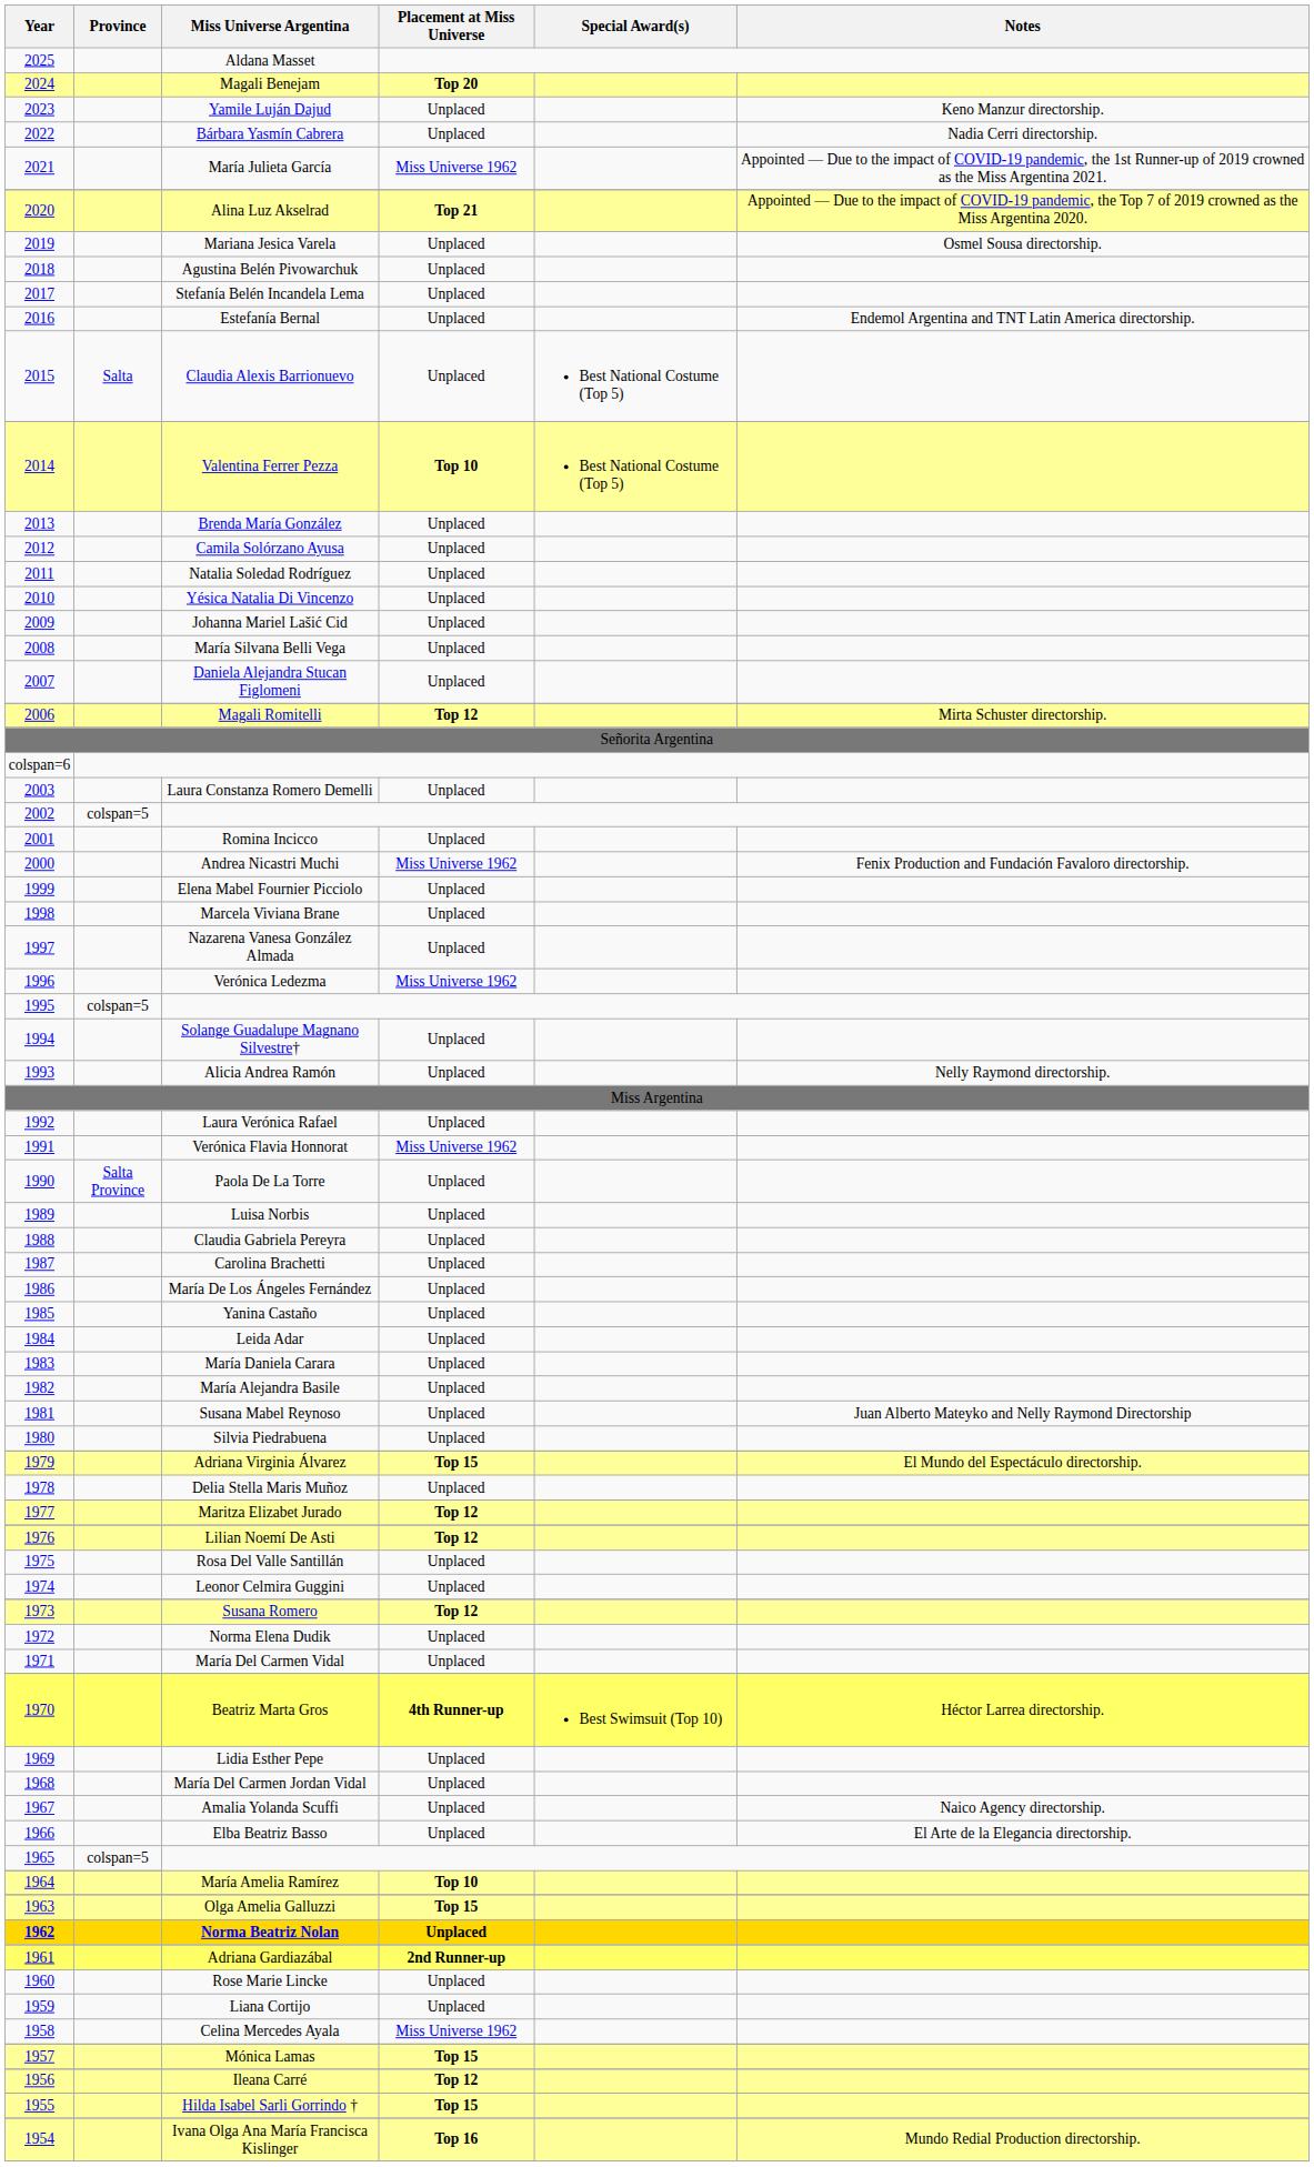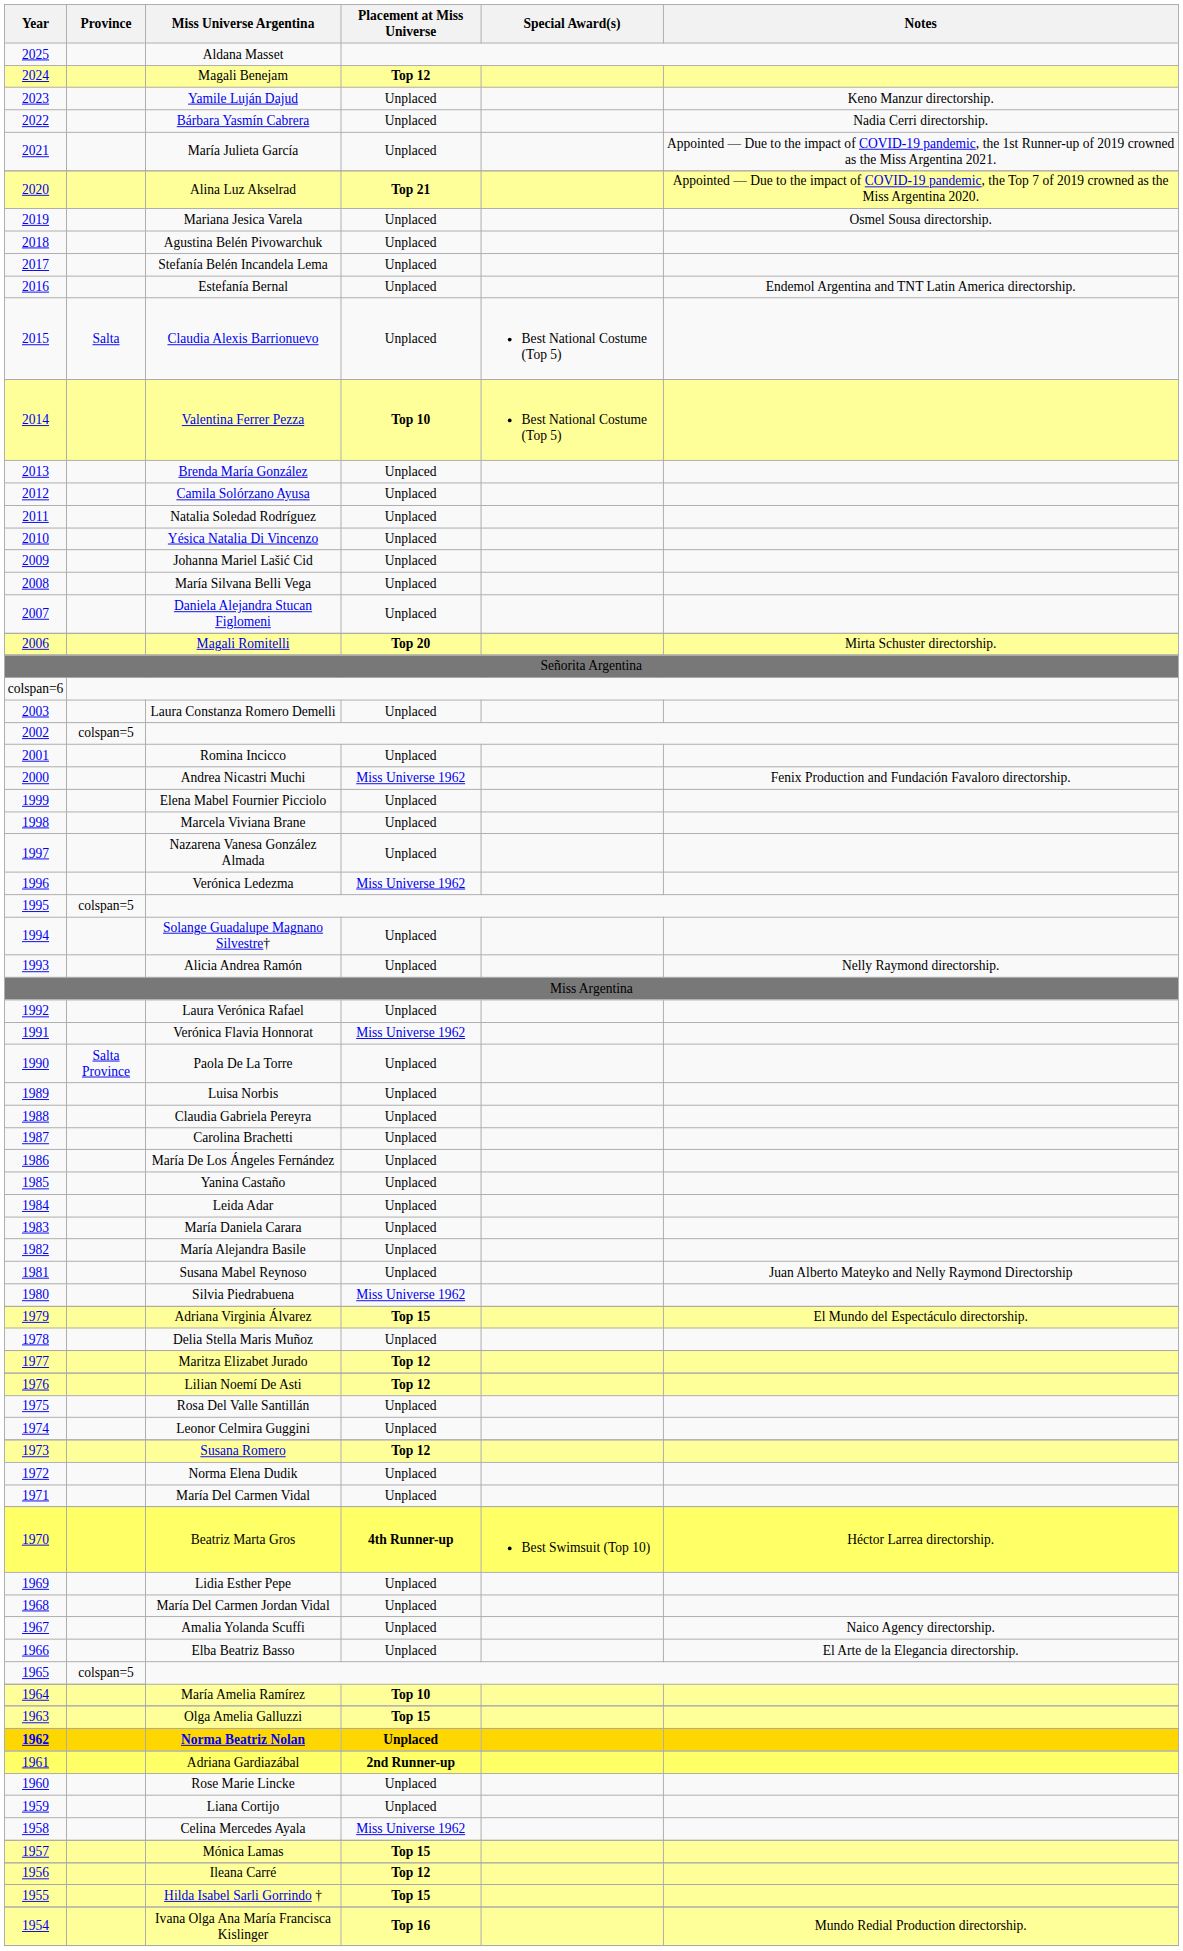 <table class="wikitable " style="font-size: 90%; text-align:center;">
 <tr>
 <th>Year</th>
 <th>Province</th>
 <th>Miss Universe Argentina</th>
 <th>Placement at Miss Universe</th>
 <th>Special Award(s)</th>
 <th>Notes</th>
 </tr>
 <tr>
 <td><a href='#'>2025</a></td>
 <td></td>
 <td>Aldana Masset</td>
 <td colspan=3></td>
 </tr>
 <tr style="background-color:#FFFF99; ">
 <td><a href='#'>2024</a></td>
 <td></td>
 <td>Magali Benejam</td>
-<td><strong>Top 20</strong></td>
+<td><strong>Top 12</strong></td>
 <td></td>
 <td></td>
 </tr>
 <tr>
 <td><a href='#'>2023</a></td>
 <td></td>
 <td><a href='#'>Yamile Luján Dajud</a></td>
 <td>Unplaced</td>
 <td></td>
 <td>Keno Manzur directorship.</td>
 </tr>
 <tr>
 <td><a href='#'>2022</a></td>
 <td></td>
 <td><a href='#'>Bárbara Yasmín Cabrera</a></td>
 <td>Unplaced</td>
 <td></td>
 <td>Nadia Cerri directorship.</td>
 </tr>
 <tr>
 <td><a href='#'>2021</a></td>
 <td></td>
 <td>María Julieta García</td>
-<td><a href='#'>Miss Universe 1962</a></td>
+<td>Unplaced</td>
 <td></td>
 <td>Appointed — Due to the impact of <a href='#'>COVID-19 pandemic</a>, the 1st Runner-up of 2019 crowned as the Miss Argentina 2021.</td>
 </tr>
 <tr>
 </tr>
 <tr style="background-color:#FFFF99; ">
 <td><a href='#'>2020</a></td>
 <td></td>
 <td>Alina Luz Akselrad</td>
 <td><strong>Top 21</strong></td>
 <td></td>
 <td>Appointed — Due to the impact of <a href='#'>COVID-19 pandemic</a>, the Top 7 of 2019 crowned as the Miss Argentina 2020.</td>
 </tr>
 <tr>
 <td><a href='#'>2019</a></td>
 <td></td>
 <td>Mariana Jesica Varela</td>
 <td>Unplaced</td>
 <td></td>
 <td>Osmel Sousa directorship.</td>
 </tr>
 <tr>
 <td><a href='#'>2018</a></td>
 <td></td>
 <td>Agustina Belén Pivowarchuk</td>
 <td>Unplaced</td>
 <td></td>
 <td></td>
 </tr>
 <tr>
 <td><a href='#'>2017</a></td>
 <td></td>
 <td>Stefanía Belén  Incandela Lema</td>
 <td>Unplaced</td>
 <td></td>
 <td></td>
 </tr>
 <tr>
 <td><a href='#'>2016</a></td>
 <td></td>
 <td>Estefanía Bernal</td>
 <td>Unplaced</td>
 <td></td>
 <td>Endemol Argentina and TNT Latin America directorship.</td>
 </tr>
 <tr>
 <td><a href='#'>2015</a></td>
 <td> <a href='#'>Salta</a></td>
 <td><a href='#'>Claudia Alexis Barrionuevo</a></td>
 <td>Unplaced</td>
 <td align="left"><br><ul><li>Best National Costume (Top 5)</li></ul></td>
 <td></td>
 </tr>
 <tr>
 </tr>
 <tr style="background-color:#FFFF99; ">
 <td><a href='#'>2014</a></td>
 <td></td>
 <td><a href='#'>Valentina Ferrer Pezza</a></td>
 <td><strong>Top 10</strong></td>
 <td align="left"><br><ul><li>Best National Costume (Top 5)</li></ul></td>
 <td></td>
 </tr>
 <tr>
 <td><a href='#'>2013</a></td>
 <td></td>
 <td><a href='#'>Brenda María González</a></td>
 <td>Unplaced</td>
 <td></td>
 <td></td>
 </tr>
 <tr>
 <td><a href='#'>2012</a></td>
 <td></td>
 <td><a href='#'>Camila Solórzano Ayusa</a></td>
 <td>Unplaced</td>
 <td></td>
 <td></td>
 </tr>
 <tr>
 <td><a href='#'>2011</a></td>
 <td></td>
 <td>Natalia Soledad Rodríguez</td>
 <td>Unplaced</td>
 <td></td>
 <td></td>
 </tr>
 <tr>
 <td><a href='#'>2010</a></td>
 <td></td>
 <td><a href='#'>Yésica Natalia Di Vincenzo</a></td>
 <td>Unplaced</td>
 <td></td>
 <td></td>
 </tr>
 <tr>
 <td><a href='#'>2009</a></td>
 <td></td>
 <td>Johanna Mariel Lašić Cid</td>
 <td>Unplaced</td>
 <td></td>
 <td></td>
 </tr>
 <tr>
 <td><a href='#'>2008</a></td>
 <td></td>
 <td>María Silvana Belli Vega</td>
 <td>Unplaced</td>
 <td></td>
 <td></td>
 </tr>
 <tr>
 <td><a href='#'>2007</a></td>
 <td></td>
 <td><a href='#'>Daniela Alejandra Stucan Figlomeni</a></td>
 <td>Unplaced</td>
 <td></td>
 <td></td>
 </tr>
 <tr>
 </tr>
 <tr style="background-color:#FFFF99; ">
 <td><a href='#'>2006</a></td>
 <td></td>
 <td><a href='#'>Magali Romitelli</a></td>
-<td><strong>Top 12</strong></td>
+<td><strong>Top 20</strong></td>
 <td></td>
 <td>Mirta Schuster directorship.</td>
 </tr>
 <tr>
 </tr>
 <tr bgcolor="#787878" align="center">
 <td colspan="6"><span>Señorita Argentina</span></td>
 </tr>
 <tr>
 <td>colspan=6 </td>
 </tr>
 <tr>
 <td><a href='#'>2003</a></td>
 <td></td>
 <td>Laura Constanza Romero Demelli</td>
 <td>Unplaced</td>
 <td></td>
 <td></td>
 </tr>
 <tr>
 <td><a href='#'>2002</a></td>
 <td>colspan=5 </td>
 </tr>
 <tr>
 <td><a href='#'>2001</a></td>
 <td></td>
 <td>Romina Incicco</td>
 <td>Unplaced</td>
 <td></td>
 <td></td>
 </tr>
 <tr>
 <td><a href='#'>2000</a></td>
 <td></td>
 <td>Andrea Nicastri Muchi</td>
 <td><a href='#'>Miss Universe 1962</a></td>
 <td></td>
 <td>Fenix Production and Fundación Favaloro directorship.</td>
 </tr>
 <tr>
 <td><a href='#'>1999</a></td>
 <td></td>
 <td>Elena Mabel Fournier Picciolo</td>
 <td>Unplaced</td>
 <td></td>
 <td></td>
 </tr>
 <tr>
 <td><a href='#'>1998</a></td>
 <td></td>
 <td>Marcela Viviana Brane</td>
 <td>Unplaced</td>
 <td></td>
 <td></td>
 </tr>
 <tr>
 <td><a href='#'>1997</a></td>
 <td></td>
 <td>Nazarena Vanesa González Almada</td>
 <td>Unplaced</td>
 <td></td>
 <td></td>
 </tr>
 <tr>
 <td><a href='#'>1996</a></td>
 <td></td>
 <td>Verónica Ledezma</td>
 <td><a href='#'>Miss Universe 1962</a></td>
 <td></td>
 <td></td>
 </tr>
 <tr>
 <td><a href='#'>1995</a></td>
 <td>colspan=5 </td>
 </tr>
 <tr>
 <td><a href='#'>1994</a></td>
 <td></td>
 <td><a href='#'>Solange Guadalupe Magnano Silvestre</a>†</td>
 <td>Unplaced</td>
 <td></td>
 <td></td>
 </tr>
 <tr>
 <td><a href='#'>1993</a></td>
 <td></td>
 <td>Alicia Andrea Ramón</td>
 <td>Unplaced</td>
 <td></td>
 <td>Nelly Raymond directorship.</td>
 </tr>
 <tr>
 </tr>
 <tr bgcolor="#787878" align="center">
 <td colspan="6"><span>Miss Argentina</span></td>
 </tr>
 <tr>
 <td><a href='#'>1992</a></td>
 <td></td>
 <td>Laura Verónica Rafael</td>
 <td>Unplaced</td>
 <td></td>
 <td></td>
 </tr>
 <tr>
 <td><a href='#'>1991</a></td>
 <td></td>
 <td>Verónica Flavia Honnorat</td>
 <td><a href='#'>Miss Universe 1962</a></td>
 <td></td>
 <td></td>
 </tr>
 <tr>
 <td><a href='#'>1990</a></td>
 <td> <a href='#'>Salta Province</a></td>
 <td>Paola De La Torre</td>
 <td>Unplaced</td>
 <td></td>
 <td></td>
 </tr>
 <tr>
 <td><a href='#'>1989</a></td>
 <td></td>
 <td>Luisa Norbis</td>
 <td>Unplaced</td>
 <td></td>
 <td></td>
 </tr>
 <tr>
 <td><a href='#'>1988</a></td>
 <td></td>
 <td>Claudia Gabriela Pereyra</td>
 <td>Unplaced</td>
 <td></td>
 <td></td>
 </tr>
 <tr>
 <td><a href='#'>1987</a></td>
 <td></td>
 <td>Carolina Brachetti</td>
 <td>Unplaced</td>
 <td></td>
 <td></td>
 </tr>
 <tr>
 <td><a href='#'>1986</a></td>
 <td></td>
 <td>María De Los Ángeles Fernández</td>
 <td>Unplaced</td>
 <td></td>
 <td></td>
 </tr>
 <tr>
 <td><a href='#'>1985</a></td>
 <td></td>
 <td>Yanina Castaño</td>
 <td>Unplaced</td>
 <td></td>
 <td></td>
 </tr>
 <tr>
 <td><a href='#'>1984</a></td>
 <td></td>
 <td>Leida Adar</td>
 <td>Unplaced</td>
 <td></td>
 <td></td>
 </tr>
 <tr>
 <td><a href='#'>1983</a></td>
 <td></td>
 <td>María Daniela Carara</td>
 <td>Unplaced</td>
 <td></td>
 <td></td>
 </tr>
 <tr>
 <td><a href='#'>1982</a></td>
 <td></td>
 <td>María Alejandra Basile</td>
 <td>Unplaced</td>
 <td></td>
 <td></td>
 </tr>
 <tr>
 <td><a href='#'>1981</a></td>
 <td></td>
 <td>Susana Mabel Reynoso</td>
 <td>Unplaced</td>
 <td></td>
 <td>Juan Alberto Mateyko and Nelly Raymond Directorship</td>
 </tr>
 <tr>
 <td><a href='#'>1980</a></td>
 <td></td>
 <td>Silvia Piedrabuena</td>
-<td>Unplaced</td>
+<td><a href='#'>Miss Universe 1962</a></td>
 <td></td>
 <td></td>
 </tr>
 <tr>
 </tr>
 <tr style="background-color:#FFFF99; ">
 <td><a href='#'>1979</a></td>
 <td></td>
 <td>Adriana Virginia Álvarez</td>
 <td><strong>Top 15</strong></td>
 <td></td>
 <td>El Mundo del Espectáculo directorship.</td>
 </tr>
 <tr>
 <td><a href='#'>1978</a></td>
 <td></td>
 <td>Delia Stella Maris Muñoz</td>
 <td>Unplaced</td>
 <td></td>
 <td></td>
 </tr>
 <tr>
 </tr>
 <tr style="background-color:#FFFF99; ">
 <td><a href='#'>1977</a></td>
 <td></td>
 <td>Maritza Elizabet Jurado</td>
 <td><strong>Top 12</strong></td>
 <td></td>
 <td></td>
 </tr>
 <tr>
 </tr>
 <tr style="background-color:#FFFF99; ">
 <td><a href='#'>1976</a></td>
 <td></td>
 <td>Lilian Noemí De Asti</td>
 <td><strong>Top 12</strong></td>
 <td></td>
 <td></td>
 </tr>
 <tr>
 <td><a href='#'>1975</a></td>
 <td></td>
 <td>Rosa Del Valle Santillán</td>
 <td>Unplaced</td>
 <td></td>
 <td></td>
 </tr>
 <tr>
 <td><a href='#'>1974</a></td>
 <td></td>
 <td>Leonor Celmira Guggini</td>
 <td>Unplaced</td>
 <td></td>
 <td></td>
 </tr>
 <tr>
 </tr>
 <tr style="background-color:#FFFF99; ">
 <td><a href='#'>1973</a></td>
 <td></td>
 <td><a href='#'>Susana Romero</a></td>
 <td><strong>Top 12</strong></td>
 <td></td>
 <td></td>
 </tr>
 <tr>
 <td><a href='#'>1972</a></td>
 <td></td>
 <td>Norma Elena Dudik</td>
 <td>Unplaced</td>
 <td></td>
 <td></td>
 </tr>
 <tr>
 <td><a href='#'>1971</a></td>
 <td></td>
 <td>María Del Carmen Vidal</td>
 <td>Unplaced</td>
 <td></td>
 <td></td>
 </tr>
 <tr>
 </tr>
 <tr style="background-color:#FFFF66; ">
 <td><a href='#'>1970</a></td>
 <td></td>
 <td>Beatriz Marta Gros</td>
 <td><strong>4th Runner-up</strong></td>
 <td align="left"><br><ul><li>Best Swimsuit (Top 10)</li></ul></td>
 <td>Héctor Larrea directorship.</td>
 </tr>
 <tr>
 <td><a href='#'>1969</a></td>
 <td></td>
 <td>Lidia Esther Pepe</td>
 <td>Unplaced</td>
 <td></td>
 <td></td>
 </tr>
 <tr>
 <td><a href='#'>1968</a></td>
 <td></td>
 <td>María Del Carmen Jordan Vidal</td>
 <td>Unplaced</td>
 <td></td>
 <td></td>
 </tr>
 <tr>
 <td><a href='#'>1967</a></td>
 <td></td>
 <td>Amalia Yolanda Scuffi</td>
 <td>Unplaced</td>
 <td></td>
 <td>Naico Agency directorship.</td>
 </tr>
 <tr>
 <td><a href='#'>1966</a></td>
 <td></td>
 <td>Elba Beatriz Basso</td>
 <td>Unplaced</td>
 <td></td>
 <td>El Arte de la Elegancia directorship.</td>
 </tr>
 <tr>
 <td><a href='#'>1965</a></td>
 <td>colspan=5 </td>
 </tr>
 <tr>
 </tr>
 <tr style="background-color:#FFFF99; ">
 <td><a href='#'>1964</a></td>
 <td></td>
 <td>María Amelia Ramírez</td>
 <td><strong>Top 10</strong></td>
 <td></td>
 <td></td>
 </tr>
 <tr>
 </tr>
 <tr style="background-color:#FFFF99; ">
 <td><a href='#'>1963</a></td>
 <td></td>
 <td>Olga Amelia Galluzzi</td>
 <td><strong>Top 15</strong></td>
 <td></td>
 <td></td>
 </tr>
 <tr>
 </tr>
 <tr style="background-color:gold; font-weight: bold">
 <td><a href='#'>1962</a></td>
 <td></td>
 <td><a href='#'>Norma Beatriz Nolan</a></td>
 <td>Unplaced</td>
 <td></td>
 <td></td>
 </tr>
 <tr>
 </tr>
 <tr style="background-color:#FFFF66; ">
 <td><a href='#'>1961</a></td>
 <td></td>
 <td>Adriana Gardiazábal</td>
 <td><strong>2nd Runner-up</strong></td>
 <td></td>
 <td></td>
 </tr>
 <tr>
 <td><a href='#'>1960</a></td>
 <td></td>
 <td>Rose Marie Lincke</td>
 <td>Unplaced</td>
 <td></td>
 <td></td>
 </tr>
 <tr>
 <td><a href='#'>1959</a></td>
 <td></td>
 <td>Liana Cortijo</td>
 <td>Unplaced</td>
 <td></td>
 <td></td>
 </tr>
 <tr>
 <td><a href='#'>1958</a></td>
 <td></td>
 <td>Celina Mercedes Ayala</td>
 <td><a href='#'>Miss Universe 1962</a></td>
 <td></td>
 <td></td>
 </tr>
 <tr>
 </tr>
 <tr style="background-color:#FFFF99; ">
 <td><a href='#'>1957</a></td>
 <td></td>
 <td>Mónica Lamas</td>
 <td><strong>Top 15</strong></td>
 <td></td>
 <td></td>
 </tr>
 <tr>
 </tr>
 <tr style="background-color:#FFFF99; ">
 <td><a href='#'>1956</a></td>
 <td></td>
 <td>Ileana Carré</td>
 <td><strong>Top 12</strong></td>
 <td></td>
 <td></td>
 </tr>
 <tr>
 </tr>
 <tr style="background-color:#FFFF99; ">
 <td><a href='#'>1955</a></td>
 <td></td>
 <td><a href='#'>Hilda Isabel Sarli Gorrindo</a> †</td>
 <td><strong>Top 15</strong></td>
 <td></td>
 <td></td>
 </tr>
 <tr>
 </tr>
 <tr style="background-color:#FFFF99; ">
 <td><a href='#'>1954</a></td>
 <td></td>
 <td>Ivana Olga Ana María Francisca Kislinger</td>
 <td><strong>Top 16</strong></td>
 <td></td>
 <td>Mundo Redial Production directorship.</td>
 </tr>
 <tr>
 </tr>
 </table>
